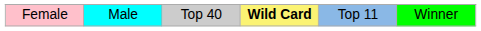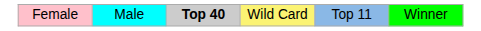 <table class="wikitable" style="margin:1em auto; text-align:center;">
 <tr>
 </tr>
 <tr>
 <td style="background:pink; width:15%;">Female</td>
 <td style="background:cyan; width:15%;">Male</td>
-<td style="background:#ccc; width:15%;">Top 40</td>
-<td style="background:#fbf373; width:15%;"><strong>Wild Card</strong></td>
+<td style="background:#ccc; width:15%;"><strong>Top 40</strong></td>
+<td style="background:#fbf373; width:15%;">Wild Card</td>
 <td style="background:#8ab8e6; width:15%;">Top 11</td>
 <td style="background:lime; width:15%;">Winner</td>
 </tr>
 </table>
